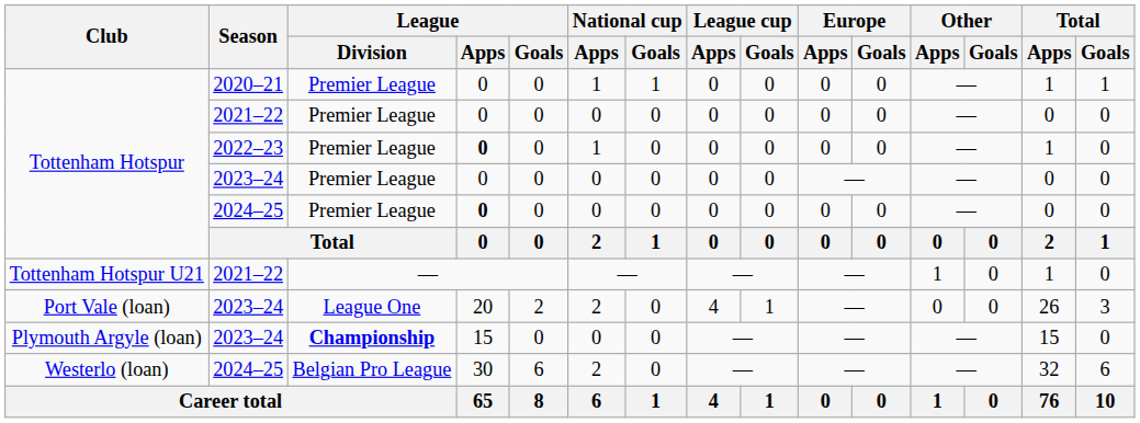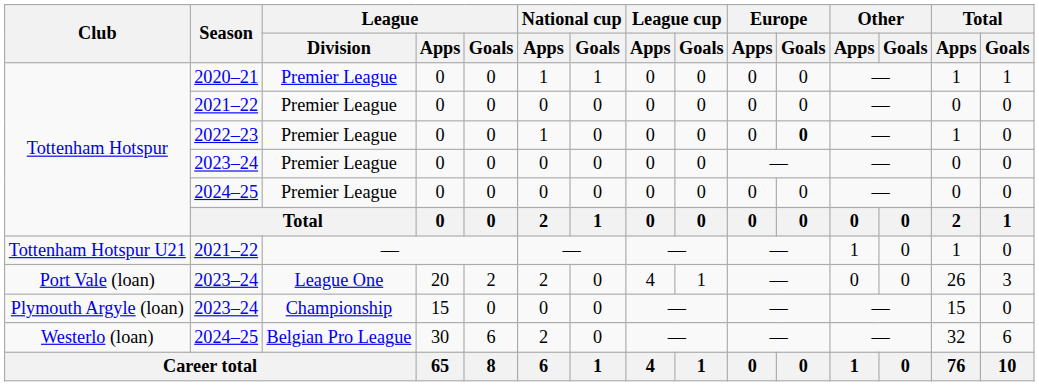 <table class=wikitable style=text-align:center>
 <tr>
 <th rowspan="2">Club</th>
 <th rowspan="2">Season</th>
 <th colspan="3">League</th>
 <th colspan="2">National cup</th>
 <th colspan="2">League cup</th>
 <th colspan="2">Europe</th>
 <th colspan="2">Other</th>
 <th colspan="2">Total</th>
 </tr>
 <tr>
 <th>Division</th>
 <th>Apps</th>
 <th>Goals</th>
 <th>Apps</th>
 <th>Goals</th>
 <th>Apps</th>
 <th>Goals</th>
 <th>Apps</th>
 <th>Goals</th>
 <th>Apps</th>
 <th>Goals</th>
 <th>Apps</th>
 <th>Goals</th>
 </tr>
 <tr>
 <td rowspan="6"><a href='#'>Tottenham Hotspur</a></td>
 <td><a href='#'>2020–21</a></td>
 <td><a href='#'>Premier League</a></td>
 <td>0</td>
 <td>0</td>
 <td>1</td>
 <td>1</td>
 <td>0</td>
 <td>0</td>
 <td>0</td>
 <td>0</td>
 <td colspan="2">—</td>
 <td>1</td>
 <td>1</td>
 </tr>
 <tr>
 <td><a href='#'>2021–22</a></td>
 <td>Premier League</td>
 <td>0</td>
 <td>0</td>
 <td>0</td>
 <td>0</td>
 <td>0</td>
 <td>0</td>
 <td>0</td>
 <td>0</td>
 <td colspan="2">—</td>
 <td>0</td>
 <td>0</td>
 </tr>
 <tr>
 <td><a href='#'>2022–23</a></td>
 <td>Premier League</td>
-<td><strong>0</strong></td>
+<td>0</td>
 <td>0</td>
 <td>1</td>
 <td>0</td>
 <td>0</td>
 <td>0</td>
 <td>0</td>
-<td>0</td>
+<td><strong>0</strong></td>
 <td colspan="2">—</td>
 <td>1</td>
 <td>0</td>
 </tr>
 <tr>
 <td><a href='#'>2023–24</a></td>
 <td>Premier League</td>
 <td>0</td>
 <td>0</td>
 <td>0</td>
 <td>0</td>
 <td>0</td>
 <td>0</td>
 <td colspan="2">—</td>
 <td colspan="2">—</td>
 <td>0</td>
 <td>0</td>
 </tr>
 <tr>
 <td><a href='#'>2024–25</a></td>
 <td>Premier League</td>
-<td><strong>0</strong></td>
+<td>0</td>
 <td>0</td>
 <td>0</td>
 <td>0</td>
 <td>0</td>
 <td>0</td>
 <td>0</td>
 <td>0</td>
 <td colspan="2">—</td>
 <td>0</td>
 <td>0</td>
 </tr>
 <tr>
 <th colspan="2">Total</th>
 <th>0</th>
 <th>0</th>
 <th>2</th>
 <th>1</th>
 <th>0</th>
 <th>0</th>
 <th>0</th>
 <th>0</th>
 <th>0</th>
 <th>0</th>
 <th>2</th>
 <th>1</th>
 </tr>
 <tr>
 <td><a href='#'>Tottenham Hotspur U21</a></td>
 <td><a href='#'>2021–22</a></td>
 <td colspan=3>—</td>
 <td colspan=2>—</td>
 <td colspan=2>—</td>
 <td colspan=2>—</td>
 <td>1</td>
 <td>0</td>
 <td>1</td>
 <td>0</td>
 </tr>
 <tr>
 <td><a href='#'>Port Vale</a> (loan)</td>
 <td><a href='#'>2023–24</a></td>
 <td><a href='#'>League One</a></td>
 <td>20</td>
 <td>2</td>
 <td>2</td>
 <td>0</td>
 <td>4</td>
 <td>1</td>
 <td colspan="2">—</td>
 <td>0</td>
 <td>0</td>
 <td>26</td>
 <td>3</td>
 </tr>
 <tr>
 <td><a href='#'>Plymouth Argyle</a> (loan)</td>
 <td><a href='#'>2023–24</a></td>
-<td><strong><a href='#'>Championship</a></strong></td>
+<td><a href='#'>Championship</a></td>
 <td>15</td>
 <td>0</td>
 <td>0</td>
 <td>0</td>
 <td colspan="2">—</td>
 <td colspan="2">—</td>
 <td colspan="2">—</td>
 <td>15</td>
 <td>0</td>
 </tr>
 <tr>
 <td><a href='#'>Westerlo</a> (loan)</td>
 <td><a href='#'>2024–25</a></td>
 <td><a href='#'>Belgian Pro League</a></td>
 <td>30</td>
 <td>6</td>
 <td>2</td>
 <td>0</td>
 <td colspan="2">—</td>
 <td colspan="2">—</td>
 <td colspan="2">—</td>
 <td>32</td>
 <td>6</td>
 </tr>
 <tr>
 <th colspan="3">Career total</th>
 <th>65</th>
 <th>8</th>
 <th>6</th>
 <th>1</th>
 <th>4</th>
 <th>1</th>
 <th>0</th>
 <th>0</th>
 <th>1</th>
 <th>0</th>
 <th>76</th>
 <th>10</th>
 </tr>
 </table>
